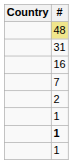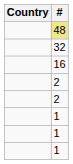 <table class="wikitable sortable">
 <tr>
 <th>Country</th>
 <th>#</th>
 </tr>
 <tr>
 <td></td>
 <td style="background: khaki;">48</td>
 </tr>
 <tr>
 <td></td>
-<td>31</td>
+<td>32</td>
 </tr>
 <tr>
 <td></td>
 <td>16</td>
 </tr>
 <tr>
 <td></td>
-<td>7</td>
+<td>2</td>
 </tr>
 <tr>
 <td></td>
 <td>2</td>
 </tr>
 <tr>
 <td></td>
 <td>1</td>
 </tr>
 <tr>
 <td></td>
-<td><strong>1</strong></td>
+<td>1</td>
 </tr>
 <tr>
 <td></td>
 <td>1</td>
 </tr>
 </table>
